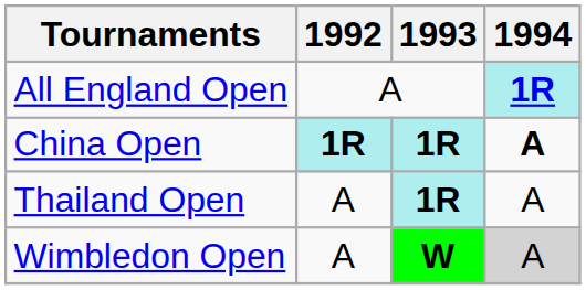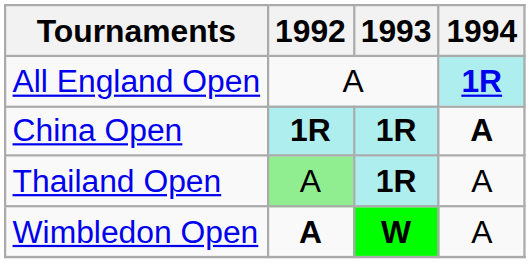 <table class="wikitable" style="font-size: 90%; text-align:center">
 <tr>
 <th>Tournaments</th>
 <th>1992</th>
 <th>1993</th>
 <th>1994</th>
 </tr>
 <tr>
 <td align=left><a href='#'>All England Open</a></td>
 <td colspan="2">A</td>
 <td bgcolor=AFEEEE><strong><a href='#'>1R</a></strong></td>
 </tr>
 <tr>
 <td align=left><a href='#'>China Open</a></td>
 <td bgcolor=AFEEEE><strong>1R</strong></td>
 <td bgcolor=AFEEEE><strong>1R</strong></td>
 <td><strong>A</strong></td>
 </tr>
 <tr>
 <td align=left><a href='#'>Thailand Open</a></td>
-<td>A</td>
+<td style="background: lightgreen;">A</td>
 <td bgcolor=AFEEEE><strong>1R</strong></td>
 <td>A</td>
 </tr>
 <tr>
 <td align=left><a href='#'>Wimbledon Open</a></td>
+<td><strong>A</strong></td>
+<td bgcolor=00FF00><strong>W</strong></td>
 <td>A</td>
-<td bgcolor=00FF00><strong>W</strong></td>
-<td style="background: lightgrey;">A</td>
 </tr>
 <tr>
 </tr>
 </table>
